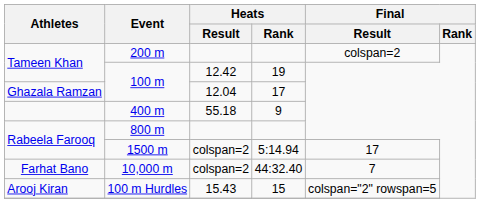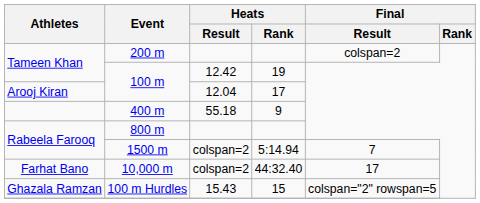 <table class=wikitable style="text-align:center; font-size:90%">
 <tr>
 <th rowspan=2>Athletes</th>
 <th rowspan=2>Event</th>
 <th colspan=2>Heats</th>
 <th colspan=2>Final</th>
 </tr>
 <tr>
 <th>Result</th>
 <th>Rank</th>
 <th>Result</th>
 <th>Rank</th>
 </tr>
 <tr>
 <td align=left rowspan=2><a href='#'>Tameen Khan</a></td>
 <td rowspan=1><a href='#'>200 m</a></td>
 <td><strong></strong></td>
 <td></td>
 <td>colspan=2</td>
 </tr>
 <tr>
 <td rowspan=2><a href='#'>100 m</a></td>
 <td>12.42</td>
 <td>19</td>
 </tr>
 <tr>
-<td style="text-align:left"><a href='#'>Ghazala Ramzan</a></td>
+<td style="text-align:left"><a href='#'>Arooj Kiran</a></td>
 <td>12.04 <strong></strong></td>
 <td>17</td>
 </tr>
 <tr>
 <td style="text-align:left"></td>
 <td><a href='#'>400 m</a></td>
 <td>55.18</td>
 <td>9</td>
 </tr>
 <tr>
 <td align=left rowspan=2><a href='#'>Rabeela Farooq</a></td>
 <td rowspan=1><a href='#'>800 m</a></td>
 <td><strong></strong></td>
 <td></td>
 </tr>
 <tr>
 <td rowspan=1><a href='#'>1500 m</a></td>
 <td>colspan=2 </td>
 <td>5:14.94</td>
-<td>17</td>
+<td>7</td>
 </tr>
 <tr>
 <td><a href='#'>Farhat Bano</a></td>
 <td rowspan="1"><a href='#'>10,000 m</a></td>
 <td>colspan=2 </td>
 <td>44:32.40 <strong></strong></td>
-<td>7</td>
+<td>17</td>
 </tr>
 <tr>
-<td style="text-align:left"><a href='#'>Arooj Kiran</a></td>
+<td style="text-align:left"><a href='#'>Ghazala Ramzan</a></td>
 <td><a href='#'>100 m Hurdles</a></td>
 <td>15.43</td>
 <td>15</td>
 <td>colspan="2" rowspan=5</td>
 </tr>
 <tr>
 </tr>
 </table>
